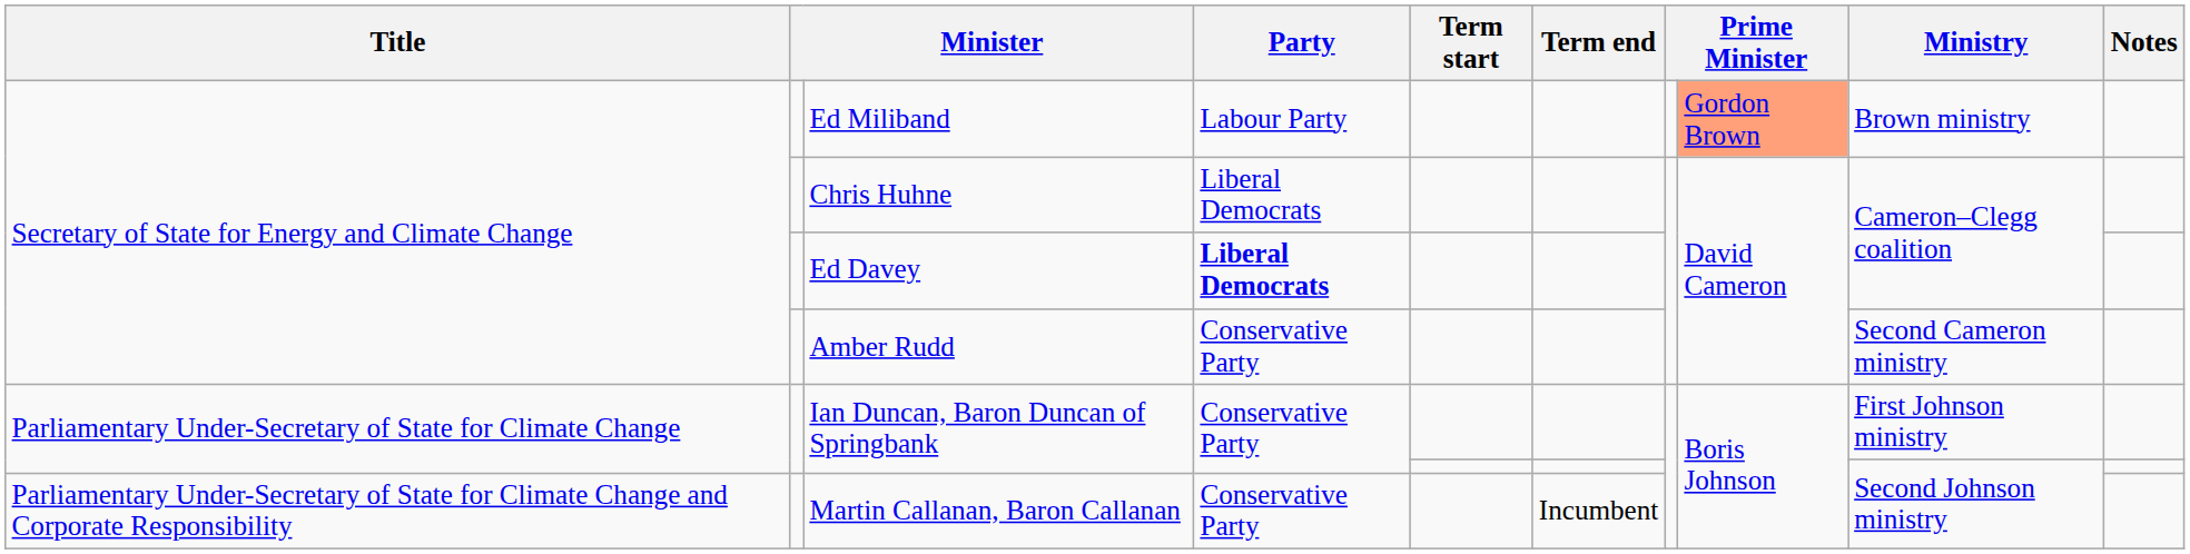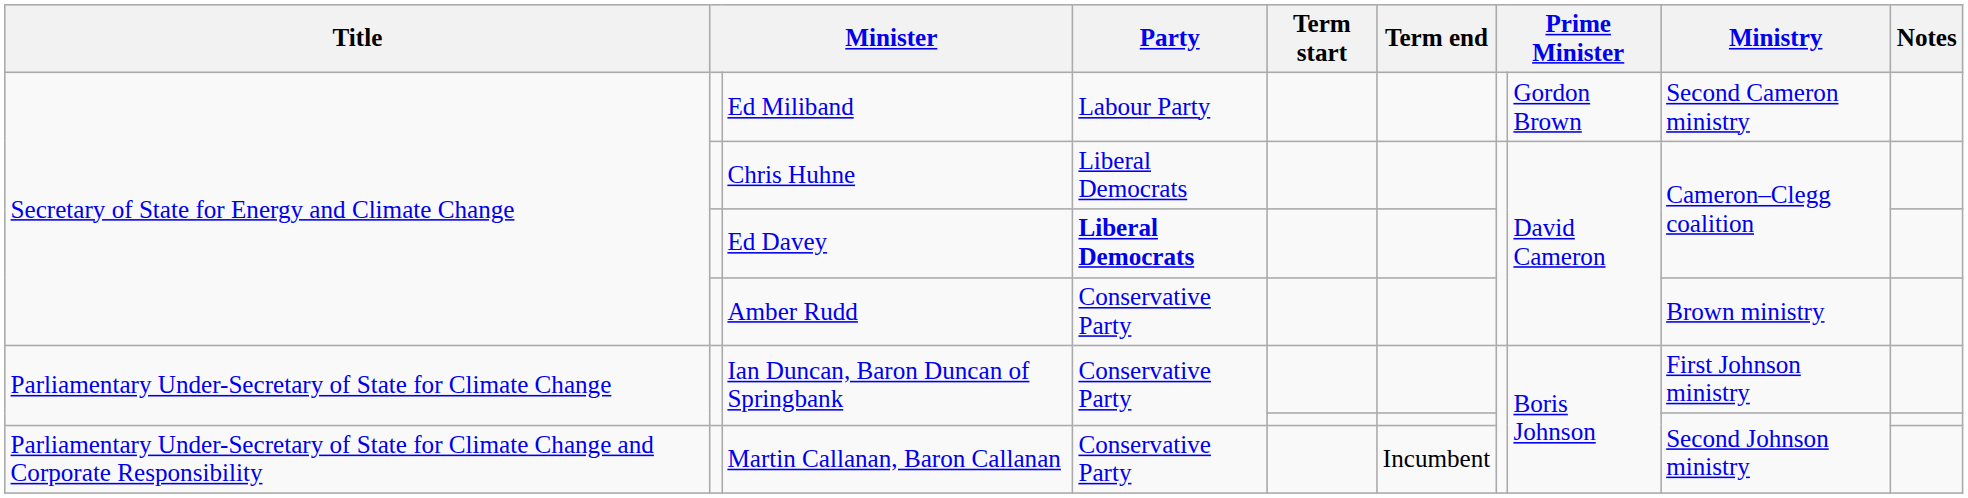 <table class="wikitable sortable">
 <tr>
 <th>Title</th>
 <th colspan=2><a href='#'>Minister</a></th>
 <th><a href='#'>Party</a></th>
 <th>Term start</th>
 <th>Term end</th>
 <th colspan=2><a href='#'>Prime Minister</a></th>
 <th><a href='#'>Ministry</a></th>
 <th class="unsortable">Notes</th>
 </tr>
 <tr>
 <td rowspan=4><a href='#'>Secretary of State for Energy and Climate Change</a></td>
 <td style="color:inherit;background:"></td>
 <td><a href='#'>Ed Miliband</a></td>
 <td><a href='#'>Labour Party</a></td>
 <td></td>
 <td></td>
 <td style="color:inherit;background:"></td>
-<td style="background: lightsalmon;"><a href='#'>Gordon Brown</a></td>
-<td><a href='#'>Brown ministry</a></td>
+<td><a href='#'>Gordon Brown</a></td>
+<td><a href='#'>Second Cameron ministry</a></td>
 <td></td>
 </tr>
 <tr>
 <td style="color:inherit;background:"></td>
 <td><a href='#'>Chris Huhne</a></td>
 <td><a href='#'>Liberal Democrats</a></td>
 <td></td>
 <td></td>
 <td rowspan=3 bgcolor=></td>
 <td rowspan=3><a href='#'>David Cameron</a></td>
 <td rowspan=2><a href='#'>Cameron–Clegg coalition</a></td>
 <td></td>
 </tr>
 <tr>
 <td style="color:inherit;background:"></td>
 <td><a href='#'>Ed Davey</a></td>
 <td><strong><a href='#'>Liberal Democrats</a></strong></td>
 <td></td>
 <td></td>
 <td></td>
 </tr>
 <tr>
 <td style="color:inherit;background:"></td>
 <td><a href='#'>Amber Rudd</a></td>
 <td><a href='#'>Conservative Party</a></td>
 <td></td>
 <td></td>
-<td><a href='#'>Second Cameron ministry</a></td>
+<td><a href='#'>Brown ministry</a></td>
 <td></td>
 </tr>
 <tr>
 <td rowspan=2><a href='#'>Parliamentary Under-Secretary of State for Climate Change</a></td>
 <td rowspan=2 bgcolor=></td>
 <td rowspan=2><a href='#'>Ian Duncan, Baron Duncan of Springbank</a></td>
 <td rowspan=2><a href='#'>Conservative Party</a></td>
 <td></td>
 <td></td>
 <td rowspan=3 bgcolor=></td>
 <td rowspan=3><a href='#'>Boris Johnson</a></td>
 <td><a href='#'>First Johnson ministry</a></td>
 <td></td>
 </tr>
 <tr>
 <td></td>
 <td></td>
 <td rowspan=2><a href='#'>Second Johnson ministry</a></td>
 <td></td>
 </tr>
 <tr>
 <td><a href='#'>Parliamentary Under-Secretary of State for Climate Change and Corporate Responsibility</a></td>
 <td style="color:inherit;background:"></td>
 <td><a href='#'>Martin Callanan, Baron Callanan</a></td>
 <td><a href='#'>Conservative Party</a></td>
 <td></td>
 <td>Incumbent</td>
 <td></td>
 </tr>
 </table>
